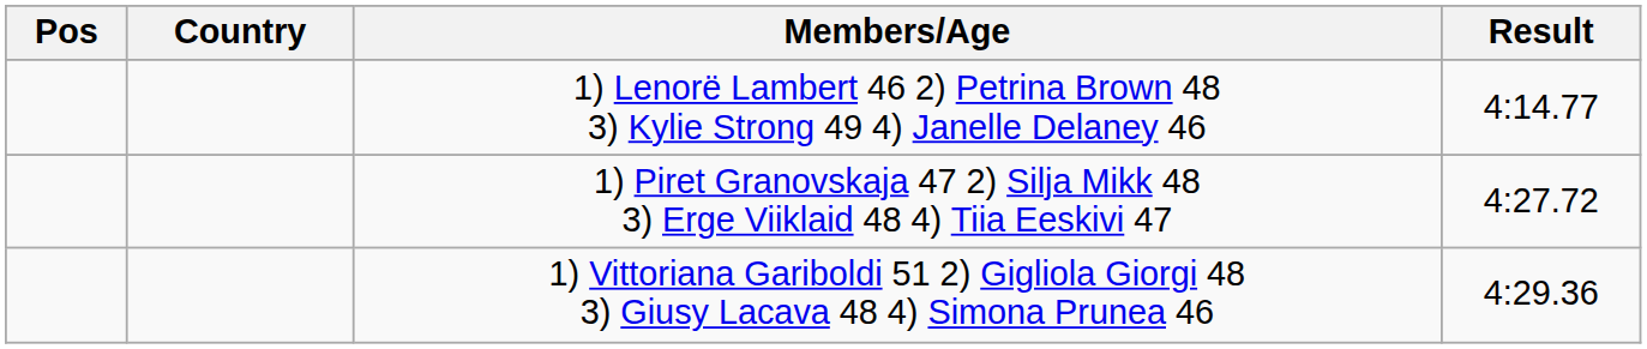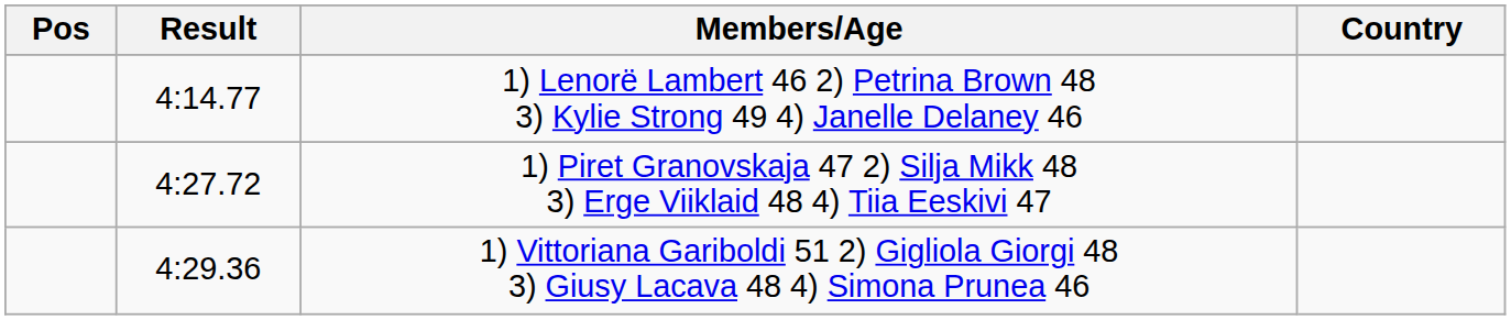 <table class="wikitable"  style="text-align:center; width:60%;">
 <tr>
 <th>Pos</th>
+<th>Result</th>
+<th>Members/Age</th>
 <th>Country</th>
-<th>Members/Age</th>
-<th>Result</th>
 </tr>
 <tr>
 <td align=center></td>
+<td>4:14.77</td>
+<td>1) <a href='#'>Lenorë Lambert</a> 46 2) <a href='#'>Petrina Brown</a> 48<br>3) <a href='#'>Kylie Strong</a> 49 4) <a href='#'>Janelle Delaney</a> 46</td>
 <td align=left></td>
-<td>1) <a href='#'>Lenorë Lambert</a> 46 2) <a href='#'>Petrina Brown</a> 48<br>3) <a href='#'>Kylie Strong</a> 49 4) <a href='#'>Janelle Delaney</a> 46</td>
-<td>4:14.77</td>
 </tr>
 <tr>
 <td align=center></td>
+<td>4:27.72</td>
+<td>1) <a href='#'>Piret Granovskaja</a> 47 2) <a href='#'>Silja Mikk</a> 48<br>3) <a href='#'>Erge Viiklaid</a> 48 4) <a href='#'>Tiia Eeskivi</a> 47</td>
 <td align=left></td>
-<td>1) <a href='#'>Piret Granovskaja</a> 47 2) <a href='#'>Silja Mikk</a> 48<br>3) <a href='#'>Erge Viiklaid</a> 48 4) <a href='#'>Tiia Eeskivi</a> 47</td>
-<td>4:27.72</td>
 </tr>
 <tr>
 <td align=center></td>
+<td>4:29.36</td>
+<td>1) <a href='#'>Vittoriana Gariboldi</a> 51 2) <a href='#'>Gigliola Giorgi</a> 48<br>3) <a href='#'>Giusy Lacava</a> 48 4) <a href='#'>Simona Prunea</a> 46</td>
 <td align=left></td>
-<td>1) <a href='#'>Vittoriana Gariboldi</a> 51 2) <a href='#'>Gigliola Giorgi</a> 48<br>3) <a href='#'>Giusy Lacava</a> 48 4) <a href='#'>Simona Prunea</a> 46</td>
-<td>4:29.36</td>
 </tr>
 </table>
